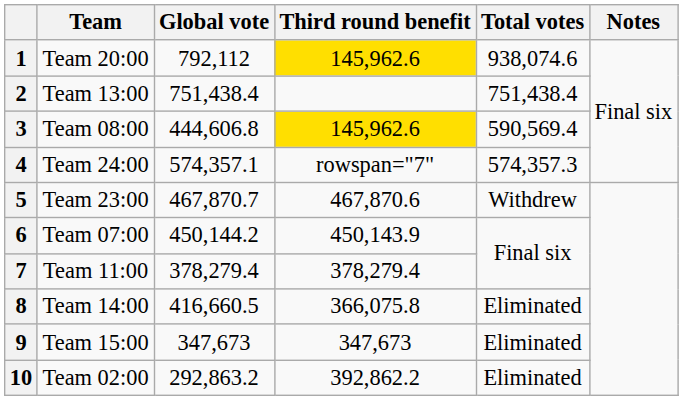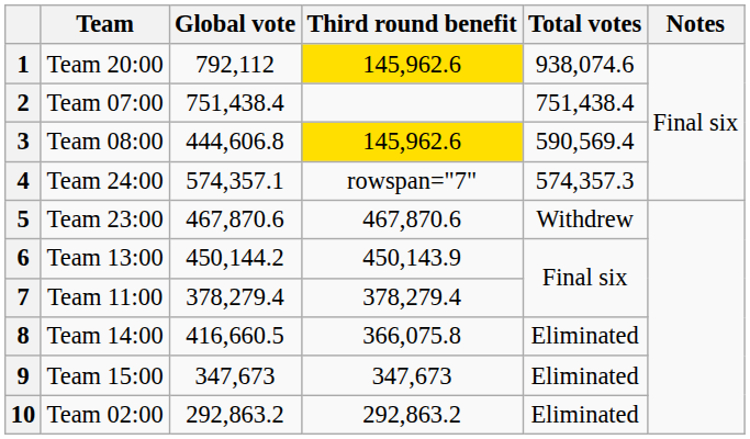 <table class="wikitable sortable collapsible" style="text-align:center">
 <tr>
 <th></th>
 <th>Team</th>
 <th>Global vote</th>
 <th>Third round benefit</th>
 <th>Total votes</th>
 <th scope="col">Notes</th>
 </tr>
 <tr>
 <th>1</th>
 <td>Team 20:00</td>
 <td>792,112</td>
 <td style="background:#FFDF00">145,962.6</td>
 <td>938,074.6</td>
 <td rowspan="4">Final six</td>
 </tr>
 <tr>
 <th>2</th>
-<td>Team 13:00</td>
+<td>Team 07:00</td>
 <td>751,438.4</td>
 <td></td>
 <td>751,438.4</td>
 </tr>
 <tr>
 <th>3</th>
 <td>Team 08:00</td>
 <td>444,606.8</td>
 <td style="background:#FFDF00">145,962.6</td>
 <td>590,569.4</td>
 </tr>
 <tr>
 <th>4</th>
 <td>Team 24:00</td>
 <td>574,357.1</td>
 <td>rowspan="7" </td>
 <td>574,357.3</td>
 </tr>
 <tr>
 <th>5</th>
 <td>Team 23:00</td>
-<td>467,870.7</td>
+<td>467,870.6</td>
 <td>467,870.6</td>
 <td>Withdrew</td>
 </tr>
 <tr>
 <th>6</th>
-<td>Team 07:00</td>
+<td>Team 13:00</td>
 <td>450,144.2</td>
 <td>450,143.9</td>
 <td rowspan="2">Final six</td>
 </tr>
 <tr>
 <th>7</th>
 <td>Team 11:00</td>
 <td>378,279.4</td>
 <td>378,279.4</td>
 </tr>
 <tr>
 <th>8</th>
 <td>Team 14:00</td>
 <td>416,660.5</td>
 <td>366,075.8</td>
 <td>Eliminated</td>
 </tr>
 <tr>
 <th>9</th>
 <td>Team 15:00</td>
 <td>347,673</td>
 <td>347,673</td>
 <td>Eliminated</td>
 </tr>
 <tr>
 <th>10</th>
 <td>Team 02:00</td>
 <td>292,863.2</td>
-<td>392,862.2</td>
+<td>292,863.2</td>
 <td>Eliminated</td>
 </tr>
 </table>
